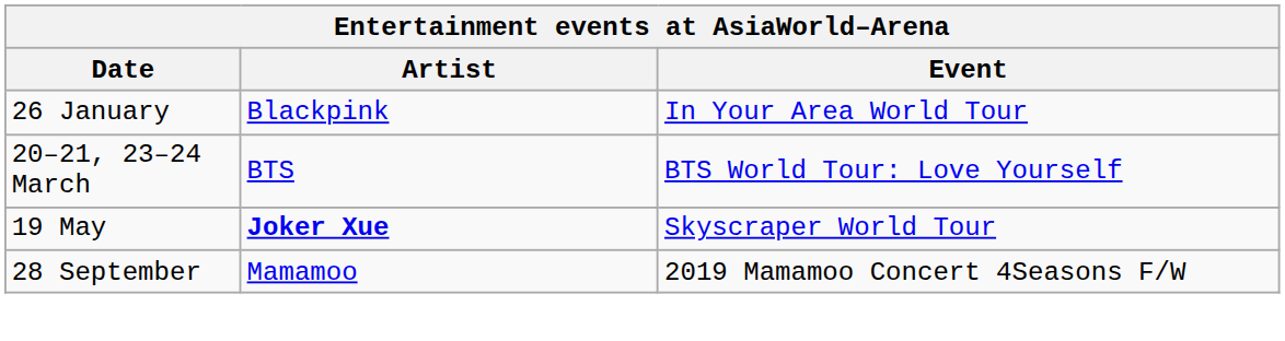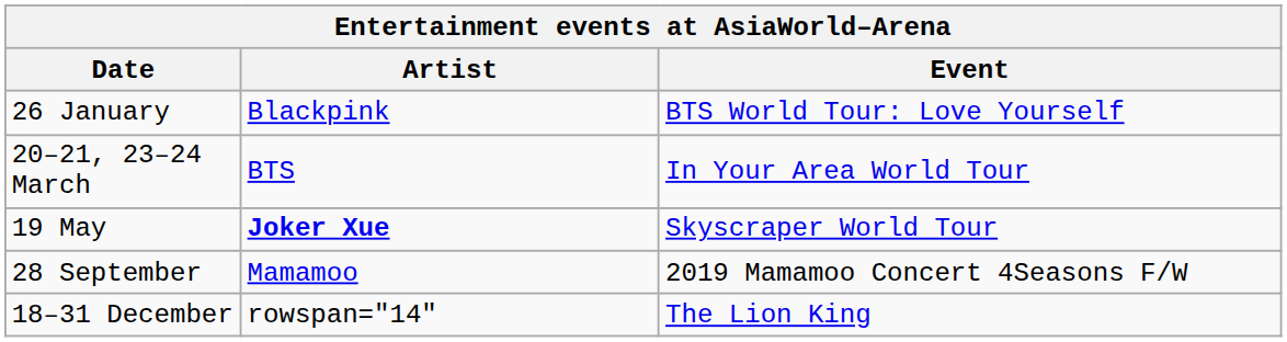 <table class="wikitable">
 <tr>
 <th colspan="3">Entertainment events at AsiaWorld–Arena</th>
 </tr>
 <tr>
 <th width=110>Date</th>
 <th width=200>Artist</th>
 <th width=300>Event</th>
 </tr>
 <tr>
 <td>26 January</td>
 <td><a href='#'>Blackpink</a></td>
-<td><a href='#'>In Your Area World Tour</a></td>
+<td><a href='#'>BTS World Tour: Love Yourself</a></td>
 </tr>
 <tr>
 <td>20–21, 23–24 March</td>
 <td><a href='#'>BTS</a></td>
-<td><a href='#'>BTS World Tour: Love Yourself</a></td>
+<td><a href='#'>In Your Area World Tour</a></td>
 </tr>
 <tr>
 <td>19 May</td>
 <td><strong><a href='#'>Joker Xue</a></strong></td>
 <td><a href='#'>Skyscraper World Tour</a></td>
 </tr>
 <tr>
 <td>28 September</td>
 <td><a href='#'>Mamamoo</a></td>
 <td>2019 Mamamoo Concert 4Seasons F/W</td>
 </tr>
+<tr>
+<td>18–31 December</td>
+<td>rowspan="14"  </td>
+<td><a href='#'>The Lion King</a></td>
+</tr>
 </table>
